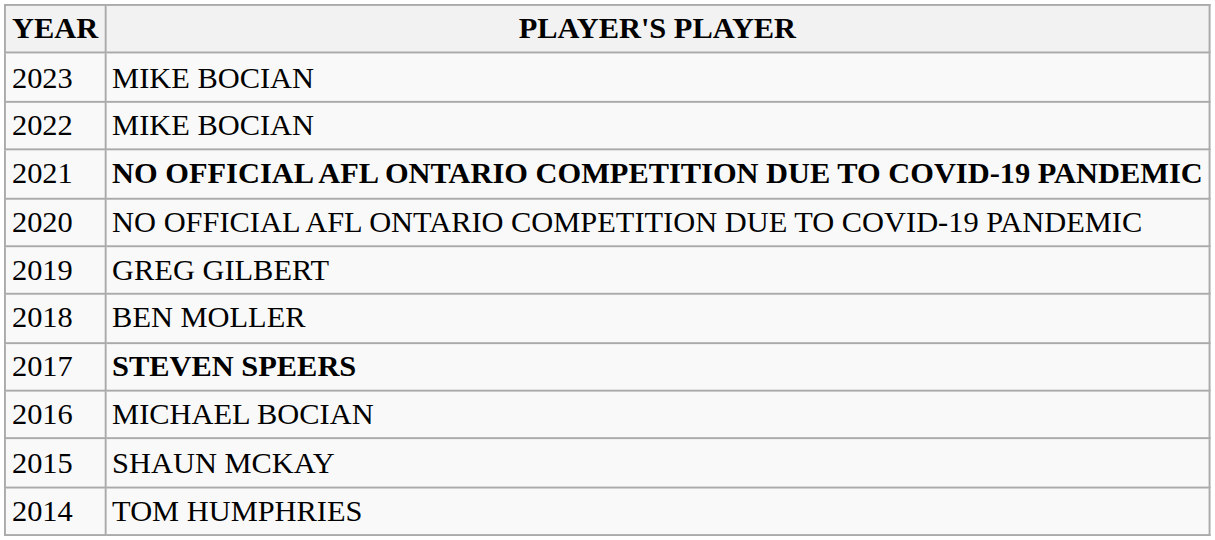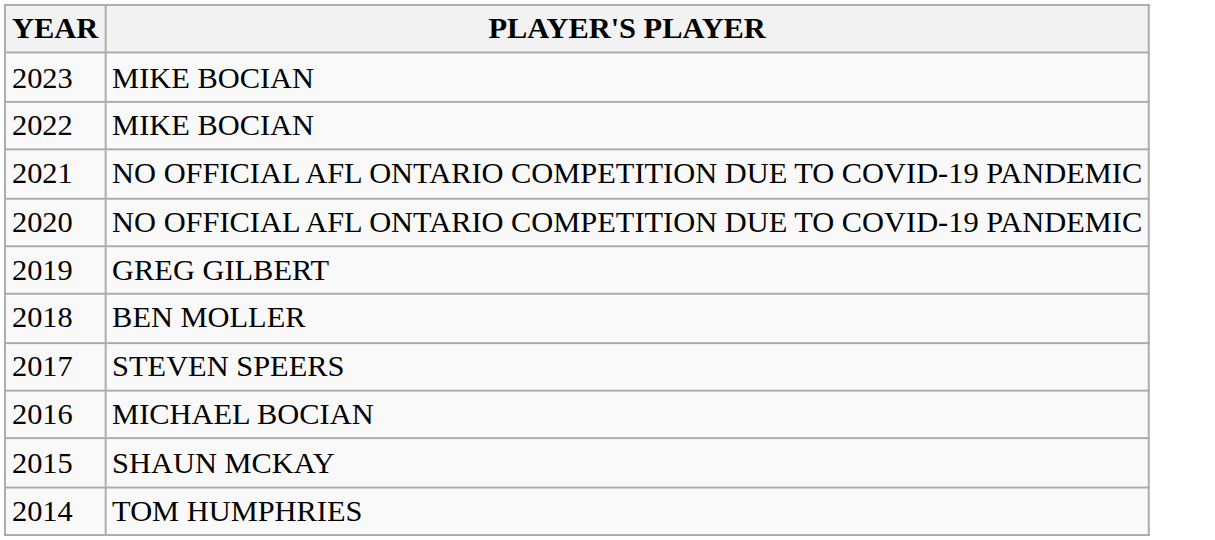 <table class="wikitable">
 <tr>
 <th>YEAR</th>
 <th>PLAYER'S PLAYER</th>
 </tr>
 <tr>
 <td>2023</td>
 <td>MIKE BOCIAN</td>
 </tr>
 <tr>
 <td>2022</td>
 <td>MIKE BOCIAN</td>
 </tr>
 <tr>
 <td>2021</td>
-<td><strong>NO OFFICIAL AFL ONTARIO COMPETITION DUE TO COVID-19  PANDEMIC</strong></td>
+<td>NO OFFICIAL AFL ONTARIO COMPETITION DUE TO COVID-19  PANDEMIC</td>
 </tr>
 <tr>
 <td>2020</td>
 <td>NO OFFICIAL AFL ONTARIO COMPETITION DUE TO COVID-19  PANDEMIC</td>
 </tr>
 <tr>
 <td>2019</td>
 <td>GREG GILBERT</td>
 </tr>
 <tr>
 <td>2018</td>
 <td>BEN MOLLER</td>
 </tr>
 <tr>
 <td>2017</td>
-<td><strong>STEVEN SPEERS</strong></td>
+<td>STEVEN SPEERS</td>
 </tr>
 <tr>
 <td>2016</td>
 <td>MICHAEL BOCIAN</td>
 </tr>
 <tr>
 <td>2015</td>
 <td>SHAUN MCKAY</td>
 </tr>
 <tr>
 <td>2014</td>
 <td>TOM HUMPHRIES</td>
 </tr>
 </table>
